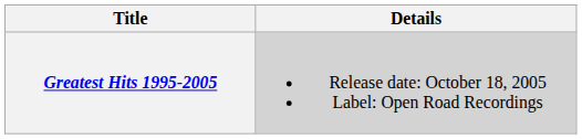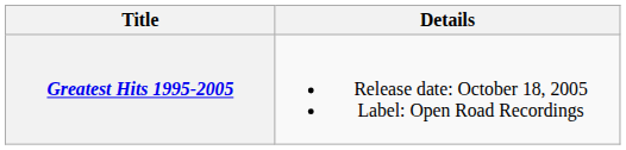 <table class="wikitable plainrowheaders" style="text-align:center;">
 <tr>
 <th style="width:14em;">Title</th>
 <th style="width:18em;">Details</th>
 </tr>
 <tr>
 <th scope="row"><em><a href='#'>Greatest Hits 1995-2005</a></em></th>
-<td style="background: lightgrey;"><br><ul><li>Release date: October 18, 2005</li><li>Label: Open Road Recordings</li></ul></td>
+<td><br><ul><li>Release date: October 18, 2005</li><li>Label: Open Road Recordings</li></ul></td>
 </tr>
 </table>
